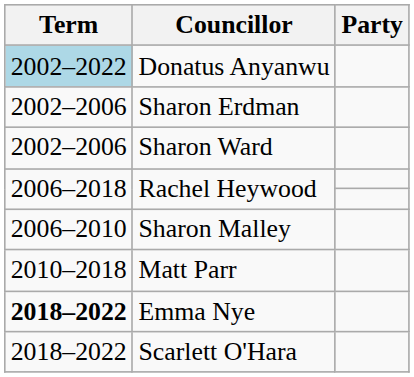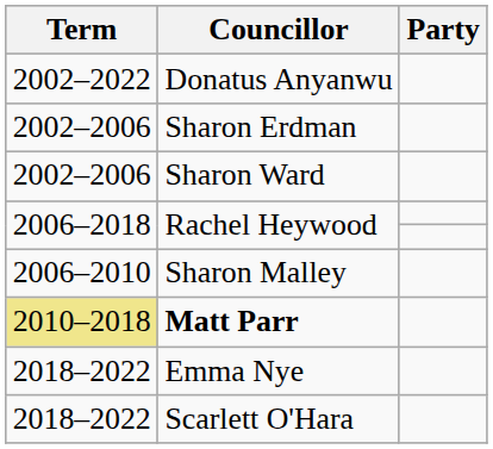 <table class="wikitable">
 <tr>
 <th>Term</th>
 <th>Councillor</th>
 <th colspan=2>Party</th>
 </tr>
 <tr>
-<td style="background: lightblue;">2002–2022</td>
+<td>2002–2022</td>
 <td>Donatus Anyanwu</td>
 <td></td>
 </tr>
 <tr>
 <td>2002–2006</td>
 <td>Sharon Erdman</td>
 <td></td>
 </tr>
 <tr>
 <td>2002–2006</td>
 <td>Sharon Ward</td>
 <td></td>
 </tr>
 <tr>
 <td rowspan=2>2006–2018</td>
 <td rowspan=2>Rachel Heywood</td>
 <td></td>
 </tr>
 <tr>
 <td></td>
 </tr>
 <tr>
 <td>2006–2010</td>
 <td>Sharon Malley</td>
 <td></td>
 </tr>
 <tr>
-<td>2010–2018</td>
-<td>Matt Parr</td>
+<td style="background: khaki;">2010–2018</td>
+<td><strong>Matt Parr</strong></td>
 <td></td>
 </tr>
 <tr>
-<td><strong>2018–2022</strong></td>
+<td>2018–2022</td>
 <td>Emma Nye</td>
 <td></td>
 </tr>
 <tr>
 <td>2018–2022</td>
 <td>Scarlett O'Hara</td>
 <td></td>
 </tr>
 </table>
